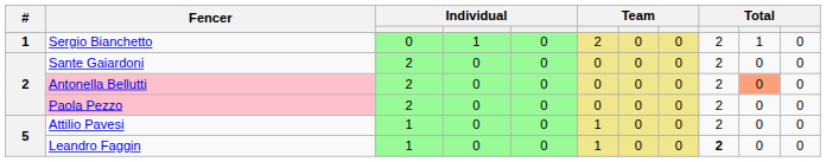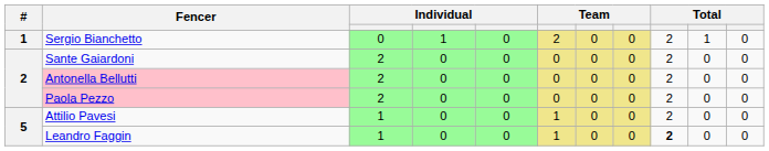 <table class="wikitable"  style="width:45%; font-size:90%; text-align:center;">
 <tr>
 <th rowspan=2>#</th>
 <th rowspan=2>Fencer</th>
 <th colspan=3>Individual</th>
 <th colspan=3>Team</th>
 <th colspan=3>Total</th>
 </tr>
 <tr>
 <th></th>
 <th></th>
 <th></th>
 <th></th>
 <th></th>
 <th></th>
 <th></th>
 <th></th>
 <th></th>
 </tr>
 <tr>
 <th>1</th>
 <td align=left><a href='#'>Sergio Bianchetto</a></td>
 <td style="background:PaleGreen;">0</td>
 <td style="background:PaleGreen;">1</td>
 <td style="background:PaleGreen;">0</td>
 <td bgcolor=Khaki>2</td>
 <td bgcolor=Khaki>0</td>
 <td bgcolor=Khaki>0</td>
 <td>2</td>
 <td>1</td>
 <td>0</td>
 </tr>
 <tr>
 <th rowspan=3>2</th>
 <td align=left><a href='#'>Sante Gaiardoni</a></td>
 <td style="background:PaleGreen;">2</td>
 <td style="background:PaleGreen;">0</td>
 <td style="background:PaleGreen;">0</td>
 <td bgcolor=Khaki>0</td>
 <td bgcolor=Khaki>0</td>
 <td bgcolor=Khaki>0</td>
 <td>2</td>
 <td>0</td>
 <td>0</td>
 </tr>
 <tr>
 <td style="text-align:left; background:pink;"><a href='#'>Antonella Bellutti</a></td>
 <td style="background:PaleGreen;">2</td>
 <td style="background:PaleGreen;">0</td>
 <td style="background:PaleGreen;">0</td>
 <td bgcolor=Khaki>0</td>
 <td bgcolor=Khaki>0</td>
 <td bgcolor=Khaki>0</td>
 <td>2</td>
-<td style="background: lightsalmon;">0</td>
+<td>0</td>
 <td>0</td>
 </tr>
 <tr>
 <td style="text-align:left; background:pink;"><a href='#'>Paola Pezzo</a></td>
 <td style="background:PaleGreen;">2</td>
 <td style="background:PaleGreen;">0</td>
 <td style="background:PaleGreen;">0</td>
 <td bgcolor=Khaki>0</td>
 <td bgcolor=Khaki>0</td>
 <td bgcolor=Khaki>0</td>
 <td>2</td>
 <td>0</td>
 <td>0</td>
 </tr>
 <tr>
 <th rowspan=2>5</th>
 <td align=left><a href='#'>Attilio Pavesi</a></td>
 <td style="background:PaleGreen;">1</td>
 <td style="background:PaleGreen;">0</td>
 <td style="background:PaleGreen;">0</td>
 <td bgcolor=Khaki>1</td>
 <td bgcolor=Khaki>0</td>
 <td bgcolor=Khaki>0</td>
 <td>2</td>
 <td>0</td>
 <td>0</td>
 </tr>
 <tr>
 <td align=left><a href='#'>Leandro Faggin</a></td>
 <td style="background:PaleGreen;">1</td>
 <td style="background:PaleGreen;">0</td>
 <td style="background:PaleGreen;">0</td>
 <td bgcolor=Khaki>1</td>
 <td bgcolor=Khaki>0</td>
 <td bgcolor=Khaki>0</td>
 <td><strong>2</strong></td>
 <td>0</td>
 <td>0</td>
 </tr>
 </table>
